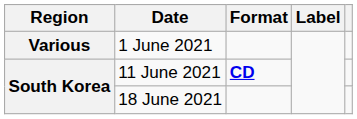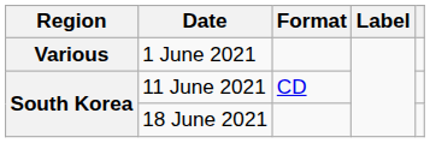 <table class="wikitable plainrowheaders">
 <tr>
 <th scope="col">Region</th>
 <th scope="col">Date</th>
 <th scope="col">Format</th>
 <th scope="col">Label</th>
 <th scope="col"></th>
 </tr>
 <tr>
 <th scope="row">Various</th>
 <td>1 June 2021</td>
 <td></td>
 <td rowspan="3"></td>
 <td style="text-align:center;"></td>
 </tr>
 <tr>
 <th scope="row" rowspan="2">South Korea</th>
 <td>11 June 2021</td>
-<td><strong><a href='#'>CD</a></strong></td>
+<td><a href='#'>CD</a></td>
 <td style="text-align:center;"></td>
 </tr>
 <tr>
 <td>18 June 2021</td>
 <td></td>
 <td style="text-align:center;"></td>
 </tr>
 </table>
